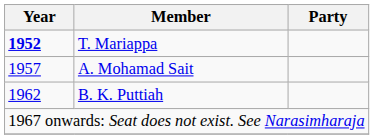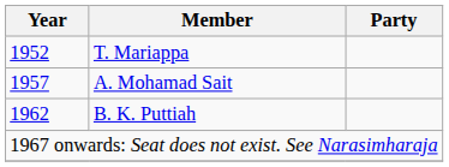 <table class="wikitable">
 <tr>
 <th>Year</th>
 <th>Member</th>
 <th colspan="2">Party</th>
 </tr>
 <tr>
-<td><strong><a href='#'>1952</a></strong></td>
+<td><a href='#'>1952</a></td>
 <td><a href='#'>T. Mariappa</a></td>
 <td></td>
 </tr>
 <tr>
 <td><a href='#'>1957</a></td>
 <td><a href='#'>A. Mohamad Sait</a></td>
 <td></td>
 </tr>
 <tr>
 <td><a href='#'>1962</a></td>
 <td><a href='#'>B. K. Puttiah</a></td>
 <td></td>
 </tr>
 <tr>
 <td colspan=4 align=center>1967 onwards: <em>Seat does not exist. See <a href='#'>Narasimharaja</a></em></td>
 </tr>
 <tr>
 </tr>
 </table>
